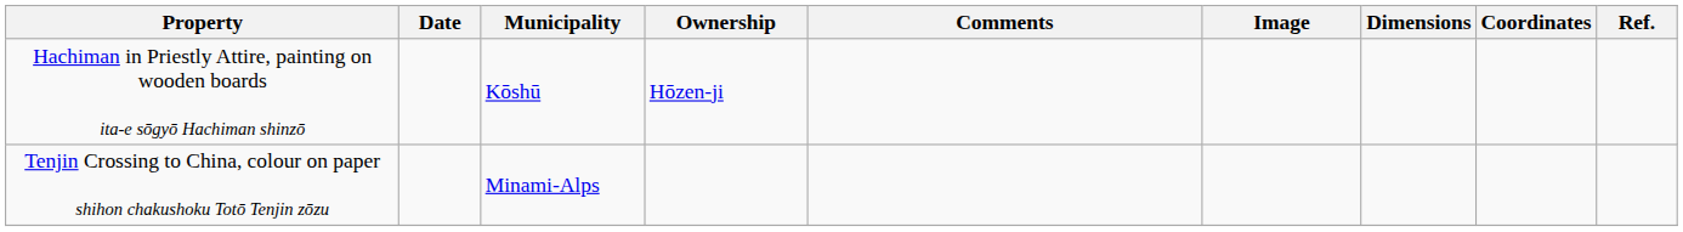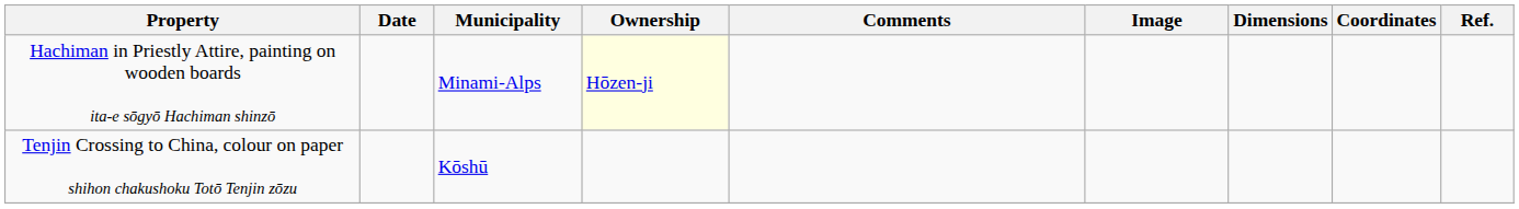 <table class="wikitable sortable"  style="width:100%;">
 <tr>
 <th width="25%" align="left">Property</th>
 <th width="5%" align="left" data-sort-type="number">Date</th>
 <th width="10%" align="left">Municipality</th>
 <th width="10%" align="left">Ownership</th>
 <th width="25%" align="left" class="unsortable">Comments</th>
 <th width="10%" align="left" class="unsortable">Image</th>
 <th width="5%" align="left" class="unsortable">Dimensions</th>
 <th width="5%" align="left" class="unsortable">Coordinates</th>
 <th width="5%" align="left" class="unsortable">Ref.</th>
 </tr>
 <tr>
 <td align="center"><a href='#'>Hachiman</a> in Priestly Attire, painting on wooden boards<br><br><small><em>ita-e sōgyō Hachiman shinzō</em></small></td>
 <td></td>
-<td><a href='#'>Kōshū</a></td>
-<td><a href='#'>Hōzen-ji</a></td>
+<td><a href='#'>Minami-Alps</a></td>
+<td style="background: lightyellow;"><a href='#'>Hōzen-ji</a></td>
 <td></td>
 <td></td>
 <td></td>
 <td></td>
 <td></td>
 </tr>
 <tr>
 <td align="center"><a href='#'>Tenjin</a> Crossing to China, colour on paper<br><br><small><em>shihon chakushoku Totō Tenjin zōzu</em></small></td>
 <td></td>
-<td><a href='#'>Minami-Alps</a></td>
+<td><a href='#'>Kōshū</a></td>
 <td></td>
 <td></td>
 <td></td>
 <td></td>
 <td></td>
 <td></td>
 </tr>
 <tr>
 </tr>
 </table>
